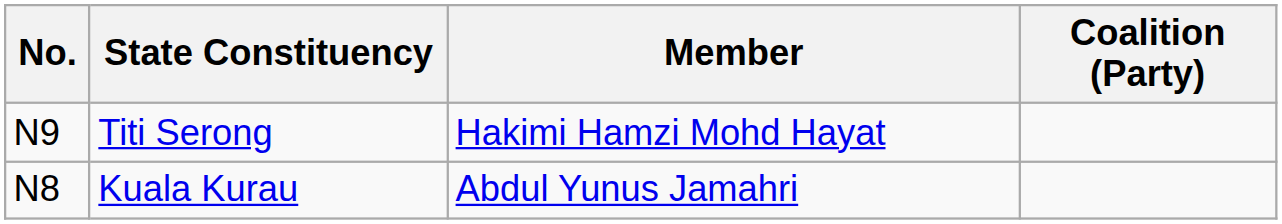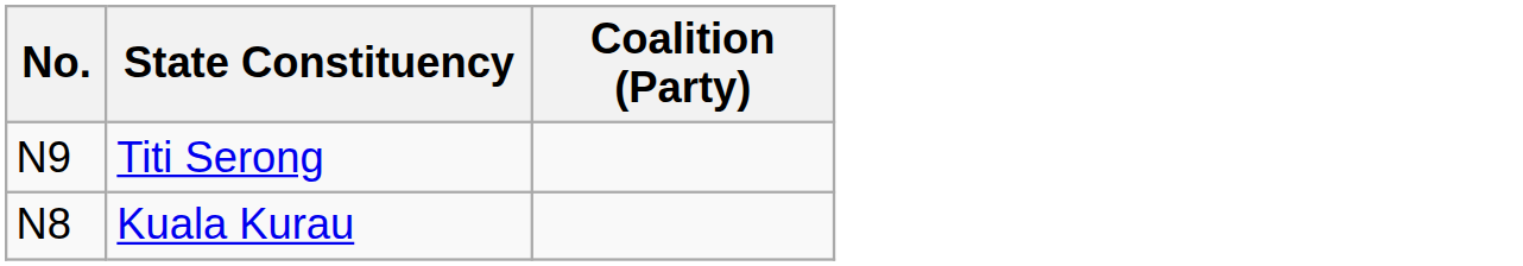 <table class="wikitable">
 <tr>
 <th width="30">No.</th>
 <th width="150">State Constituency</th>
-<th width="245">Member</th>
 <th width="105">Coalition (Party)</th>
 </tr>
 <tr>
 <td>N9</td>
 <td><a href='#'>Titi Serong</a></td>
-<td><a href='#'>Hakimi Hamzi Mohd Hayat</a></td>
 <td></td>
 </tr>
 <tr>
 <td>N8</td>
 <td><a href='#'>Kuala Kurau</a></td>
-<td><a href='#'>Abdul Yunus Jamahri</a></td>
 <td></td>
 </tr>
 </table>
